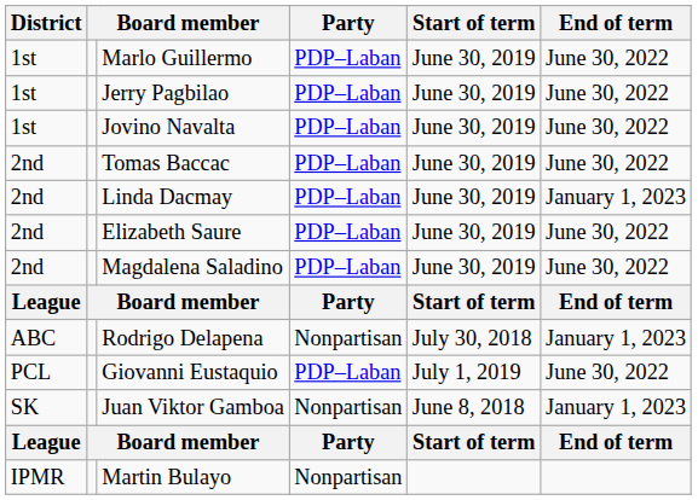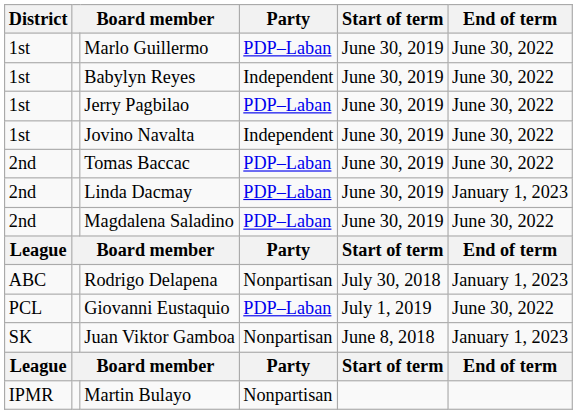 <table class="wikitable">
 <tr>
 <th>District</th>
 <th colspan="2">Board member</th>
 <th>Party</th>
 <th>Start of term</th>
 <th>End of term</th>
 </tr>
 <tr>
 <td>1st</td>
 <td></td>
 <td>Marlo Guillermo</td>
 <td><a href='#'>PDP–Laban</a></td>
 <td>June 30, 2019</td>
 <td>June 30, 2022</td>
 </tr>
 <tr>
 <td>1st</td>
 <td></td>
+<td>Babylyn Reyes</td>
+<td>Independent</td>
+<td>June 30, 2019</td>
+<td>June 30, 2022</td>
+</tr>
+<tr>
+<td>1st</td>
+<td></td>
 <td>Jerry Pagbilao</td>
 <td><a href='#'>PDP–Laban</a></td>
 <td>June 30, 2019</td>
 <td>June 30, 2022</td>
 </tr>
 <tr>
 <td>1st</td>
 <td></td>
 <td>Jovino Navalta</td>
-<td><a href='#'>PDP–Laban</a></td>
+<td>Independent</td>
 <td>June 30, 2019</td>
 <td>June 30, 2022</td>
 </tr>
 <tr>
 <td>2nd</td>
 <td></td>
 <td>Tomas Baccac</td>
 <td><a href='#'>PDP–Laban</a></td>
 <td>June 30, 2019</td>
 <td>June 30, 2022</td>
 </tr>
 <tr>
 <td>2nd</td>
 <td></td>
 <td>Linda Dacmay</td>
 <td><a href='#'>PDP–Laban</a></td>
 <td>June 30, 2019</td>
 <td>January 1, 2023</td>
-</tr>
-<tr>
-<td>2nd</td>
-<td></td>
-<td>Elizabeth Saure</td>
-<td><a href='#'>PDP–Laban</a></td>
-<td>June 30, 2019</td>
-<td>June 30, 2022</td>
 </tr>
 <tr>
 <td>2nd</td>
 <td></td>
 <td>Magdalena Saladino</td>
 <td><a href='#'>PDP–Laban</a></td>
 <td>June 30, 2019</td>
 <td>June 30, 2022</td>
 </tr>
 <tr>
 <th>League</th>
 <th colspan="2">Board member</th>
 <th>Party</th>
 <th>Start of term</th>
 <th>End of term</th>
 </tr>
 <tr>
 <td>ABC</td>
 <td></td>
 <td>Rodrigo Delapena</td>
 <td>Nonpartisan</td>
 <td>July 30, 2018</td>
 <td>January 1, 2023</td>
 </tr>
 <tr>
 <td>PCL</td>
 <td></td>
 <td>Giovanni Eustaquio</td>
 <td><a href='#'>PDP–Laban</a></td>
 <td>July 1, 2019</td>
 <td>June 30, 2022</td>
 </tr>
 <tr>
 <td>SK</td>
 <td></td>
 <td>Juan Viktor Gamboa</td>
 <td>Nonpartisan</td>
 <td>June 8, 2018</td>
 <td>January 1, 2023</td>
 </tr>
 <tr>
 <th>League</th>
 <th colspan="2">Board member</th>
 <th>Party</th>
 <th>Start of term</th>
 <th>End of term</th>
 </tr>
 <tr>
 <td>IPMR</td>
 <td></td>
 <td>Martin Bulayo</td>
 <td>Nonpartisan</td>
 <td></td>
 <td></td>
 </tr>
 </table>
